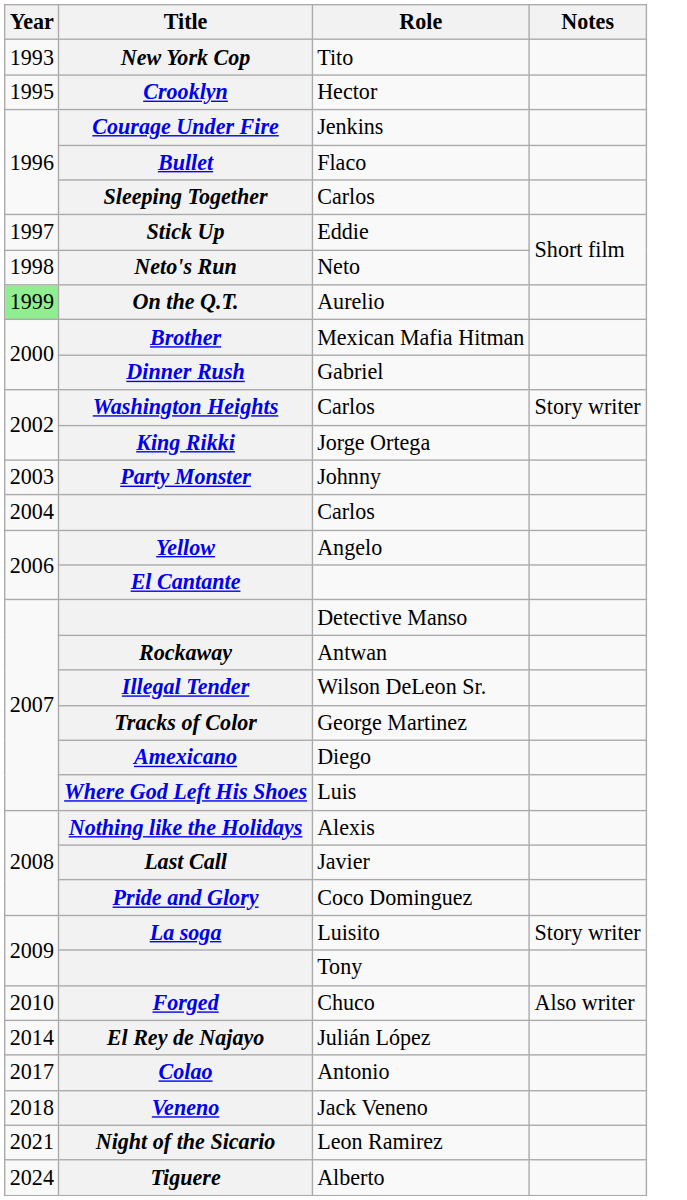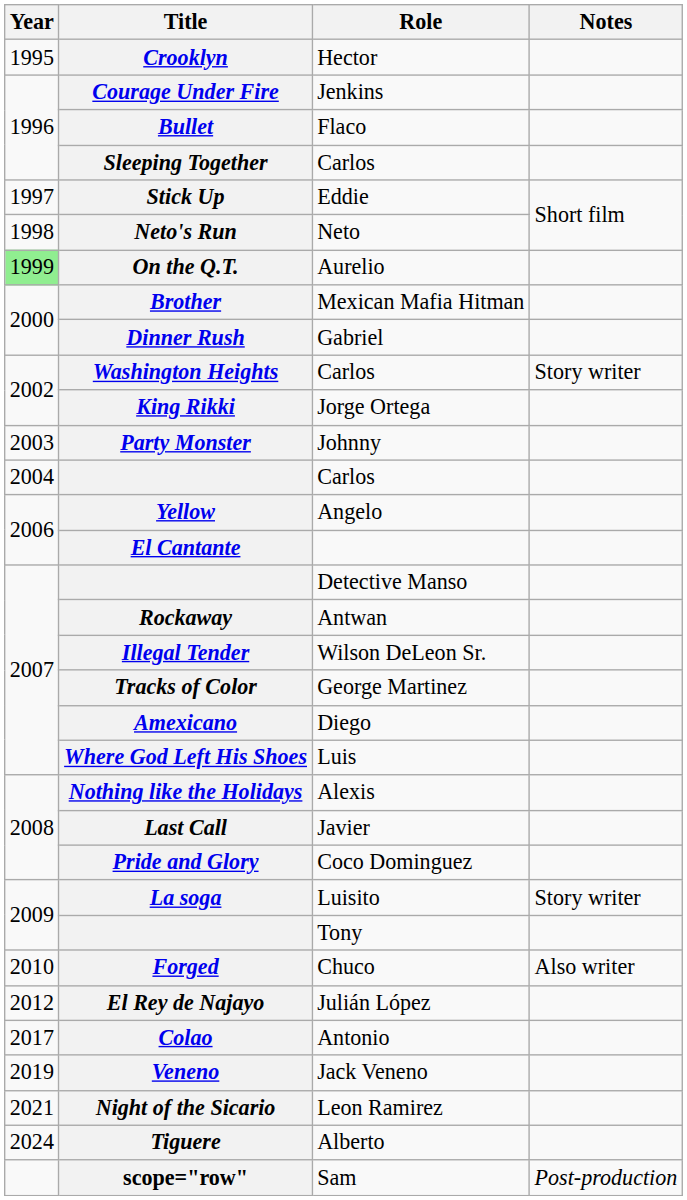 <table class="wikitable sortable plainrowheaders">
 <tr>
 <th scope="col">Year</th>
 <th scope="col">Title</th>
 <th scope="col">Role</th>
 <th scope="col" class="unsortable">Notes</th>
-</tr>
-<tr>
-<td>1993</td>
-<th scope="row"><em>New York Cop</em></th>
-<td>Tito</td>
-<td></td>
 </tr>
 <tr>
 <td>1995</td>
 <th scope="row"><em><a href='#'>Crooklyn</a></em></th>
 <td>Hector</td>
 <td></td>
 </tr>
 <tr>
 <td rowspan="3">1996</td>
 <th scope="row"><em><a href='#'>Courage Under Fire</a></em></th>
 <td>Jenkins</td>
 <td></td>
 </tr>
 <tr>
 <th scope="row"><em><a href='#'>Bullet</a></em></th>
 <td>Flaco</td>
 <td></td>
 </tr>
 <tr>
 <th scope="row"><em>Sleeping Together</em></th>
 <td>Carlos</td>
 <td></td>
 </tr>
 <tr>
 <td>1997</td>
 <th scope="row"><em>Stick Up</em></th>
 <td>Eddie</td>
 <td rowspan="2">Short film</td>
 </tr>
 <tr>
 <td>1998</td>
 <th scope="row"><em>Neto's Run</em></th>
 <td>Neto</td>
 </tr>
 <tr>
 <td style="background: lightgreen;">1999</td>
 <th scope="row"><em>On the Q.T.</em></th>
 <td>Aurelio</td>
 <td></td>
 </tr>
 <tr>
 <td rowspan="2">2000</td>
 <th scope="row"><em><a href='#'>Brother</a></em></th>
 <td>Mexican Mafia Hitman</td>
 <td></td>
 </tr>
 <tr>
 <th scope="row"><em><a href='#'>Dinner Rush</a></em></th>
 <td>Gabriel</td>
 <td></td>
 </tr>
 <tr>
 <td rowspan="2">2002</td>
 <th scope="row"><em><a href='#'>Washington Heights</a></em></th>
 <td>Carlos</td>
 <td>Story writer</td>
 </tr>
 <tr>
 <th scope="row"><em><a href='#'>King Rikki</a></em></th>
 <td>Jorge Ortega</td>
 <td></td>
 </tr>
 <tr>
 <td>2003</td>
 <th scope="row"><em><a href='#'>Party Monster</a></em></th>
 <td>Johnny</td>
 <td></td>
 </tr>
 <tr>
 <td>2004</td>
 <th scope="row"><em></em></th>
 <td>Carlos</td>
 <td></td>
 </tr>
 <tr>
 <td rowspan="2">2006</td>
 <th scope="row"><em><a href='#'>Yellow</a></em></th>
 <td>Angelo</td>
 <td></td>
 </tr>
 <tr>
 <th scope="row"><em><a href='#'>El Cantante</a></em></th>
 <td></td>
 <td></td>
 </tr>
 <tr>
 <td rowspan="6">2007</td>
 <th scope="row"><em></em></th>
 <td>Detective Manso</td>
 <td></td>
 </tr>
 <tr>
 <th scope="row"><em>Rockaway</em></th>
 <td>Antwan</td>
 <td></td>
 </tr>
 <tr>
 <th scope="row"><em><a href='#'>Illegal Tender</a></em></th>
 <td>Wilson DeLeon Sr.</td>
 <td></td>
 </tr>
 <tr>
 <th scope="row"><em>Tracks of Color</em></th>
 <td>George Martinez</td>
 <td></td>
 </tr>
 <tr>
 <th scope="row"><em><a href='#'>Amexicano</a></em></th>
 <td>Diego</td>
 <td></td>
 </tr>
 <tr>
 <th scope="row"><em><a href='#'>Where God Left His Shoes</a></em></th>
 <td>Luis</td>
 <td></td>
 </tr>
 <tr>
 <td rowspan="3">2008</td>
 <th scope="row"><em><a href='#'>Nothing like the Holidays</a></em></th>
 <td>Alexis</td>
 <td></td>
 </tr>
 <tr>
 <th scope="row"><em>Last Call</em></th>
 <td>Javier</td>
 <td></td>
 </tr>
 <tr>
 <th scope="row"><em><a href='#'>Pride and Glory</a></em></th>
 <td>Coco Dominguez</td>
 <td></td>
 </tr>
 <tr>
 <td rowspan="2">2009</td>
 <th scope="row"><em><a href='#'>La soga</a></em></th>
 <td>Luisito</td>
 <td>Story writer</td>
 </tr>
 <tr>
 <th scope="row"><em></em></th>
 <td>Tony</td>
 <td></td>
 </tr>
 <tr>
 <td>2010</td>
 <th scope="row"><em><a href='#'>Forged</a></em></th>
 <td>Chuco</td>
 <td>Also writer</td>
 </tr>
 <tr>
-<td>2014</td>
+<td>2012</td>
 <th scope="row"><em>El Rey de Najayo</em></th>
 <td>Julián López</td>
 <td></td>
 </tr>
 <tr>
 <td>2017</td>
 <th scope="row"><em><a href='#'>Colao</a></em></th>
 <td>Antonio</td>
 <td></td>
 </tr>
 <tr>
-<td>2018</td>
+<td>2019</td>
 <th scope="row"><em><a href='#'>Veneno</a></em></th>
 <td>Jack Veneno</td>
 <td></td>
 </tr>
 <tr>
 <td>2021</td>
 <th scope="row"><em>Night of the Sicario</em></th>
 <td>Leon Ramirez</td>
 <td></td>
 </tr>
 <tr>
 <td>2024</td>
 <th scope="row"><em>Tiguere</em></th>
 <td>Alberto</td>
 <td></td>
 </tr>
+<tr>
+<td></td>
+<th>scope="row" </th>
+<td>Sam</td>
+<td><em>Post-production</em></td>
+</tr>
 </table>
